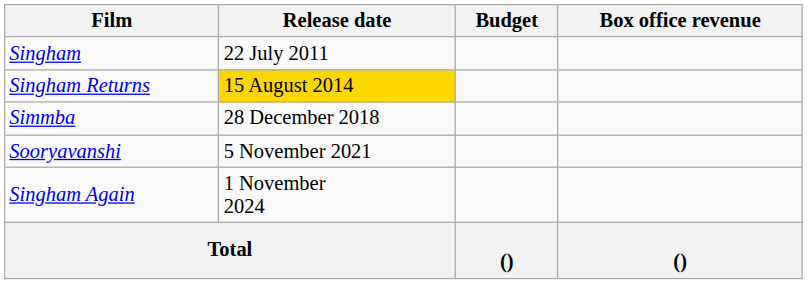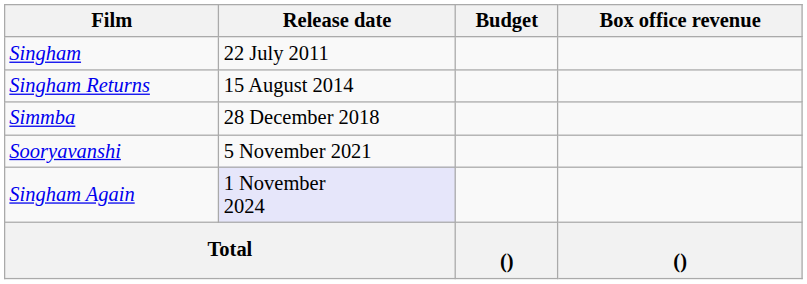 <table class="wikitable" style="width:100%;">
 <tr>
 <th style="text-align:centr;">Film</th>
 <th style="text-align:centr;">Release date</th>
 <th style="text-align:centr;">Budget</th>
 <th style="text-align:centr;">Box office revenue</th>
 </tr>
 <tr>
 <td><em><a href='#'>Singham</a></em></td>
 <td>22 July 2011</td>
 <td></td>
 <td></td>
 </tr>
 <tr>
 <td><em><a href='#'>Singham Returns</a></em></td>
-<td style="background: gold;">15 August 2014</td>
+<td>15 August 2014</td>
 <td></td>
 <td></td>
 </tr>
 <tr>
 <td><em><a href='#'>Simmba</a></em></td>
 <td>28 December 2018</td>
 <td></td>
 <td></td>
 </tr>
 <tr>
 <td><em><a href='#'>Sooryavanshi</a></em></td>
 <td>5 November 2021</td>
 <td></td>
 <td></td>
 </tr>
 <tr>
 <td><em><a href='#'>Singham Again</a></em></td>
-<td>1 November<br>2024</td>
+<td style="background: lavender;">1 November<br>2024</td>
 <td></td>
 <td></td>
 </tr>
 <tr>
 <th colspan="2" style="text-align:centr;">Total</th>
 <th style="text-align:centr;"><br> ()</th>
 <th style="text-align:centr;"><br> ()</th>
 </tr>
 </table>
